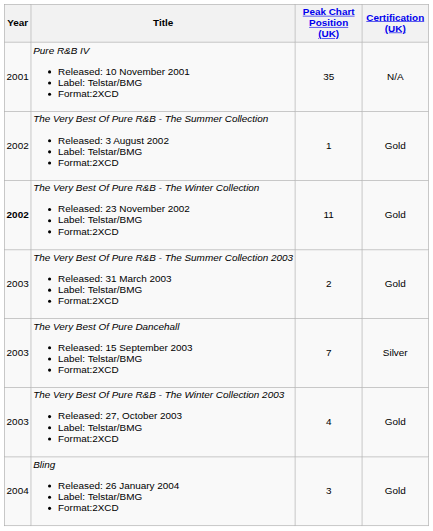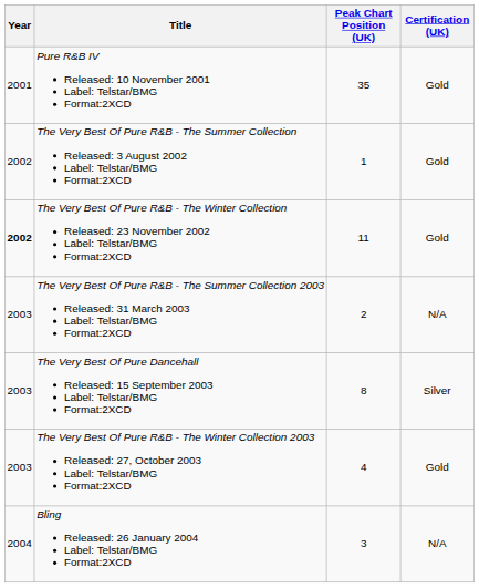 <table class="wikitable" border="1">
 <tr>
 <th>Year</th>
 <th>Title</th>
 <th width="100"><a href='#'>Peak Chart Position (UK)</a></th>
 <th width="100"><a href='#'>Certification (UK)</a></th>
 </tr>
 <tr>
 <td align="center">2001</td>
 <td><em>Pure R&B IV</em><br><ul><li>Released: 10 November 2001</li><li>Label: Telstar/BMG</li><li>Format:2XCD</li></ul></td>
 <td align="center">35</td>
-<td align="center">N/A</td>
+<td align="center">Gold</td>
 </tr>
 <tr>
 <td align="center">2002</td>
 <td><em>The Very Best Of Pure R&B - The Summer Collection</em><br><ul><li>Released: 3 August 2002</li><li>Label: Telstar/BMG</li><li>Format:2XCD</li></ul></td>
 <td align="center">1</td>
 <td align="center">Gold</td>
 </tr>
 <tr>
 <td align="center"><strong>2002</strong></td>
 <td><em>The Very Best Of Pure R&B - The Winter Collection</em><br><ul><li>Released: 23 November 2002</li><li>Label: Telstar/BMG</li><li>Format:2XCD</li></ul></td>
 <td align="center">11</td>
 <td align="center">Gold</td>
 </tr>
 <tr>
 <td align="center">2003</td>
 <td><em>The Very Best Of Pure R&B - The Summer Collection 2003</em><br><ul><li>Released: 31 March 2003</li><li>Label: Telstar/BMG</li><li>Format:2XCD</li></ul></td>
 <td align="center">2</td>
-<td align="center">Gold</td>
+<td align="center">N/A</td>
 </tr>
 <tr>
 <td align="center">2003</td>
 <td><em>The Very Best Of Pure Dancehall</em><br><ul><li>Released: 15 September 2003</li><li>Label: Telstar/BMG</li><li>Format:2XCD</li></ul></td>
-<td align="center">7</td>
+<td align="center">8</td>
 <td align="center">Silver</td>
 </tr>
 <tr>
 <td align="center">2003</td>
 <td><em>The Very Best Of Pure R&B - The Winter Collection 2003</em><br><ul><li>Released: 27, October 2003</li><li>Label: Telstar/BMG</li><li>Format:2XCD</li></ul></td>
 <td align="center">4</td>
 <td align="center">Gold</td>
 </tr>
 <tr>
 <td align="center">2004</td>
 <td><em>Bling</em><br><ul><li>Released: 26 January 2004</li><li>Label: Telstar/BMG</li><li>Format:2XCD</li></ul></td>
 <td align="center">3</td>
-<td align="center">Gold</td>
+<td align="center">N/A</td>
 </tr>
 </table>
